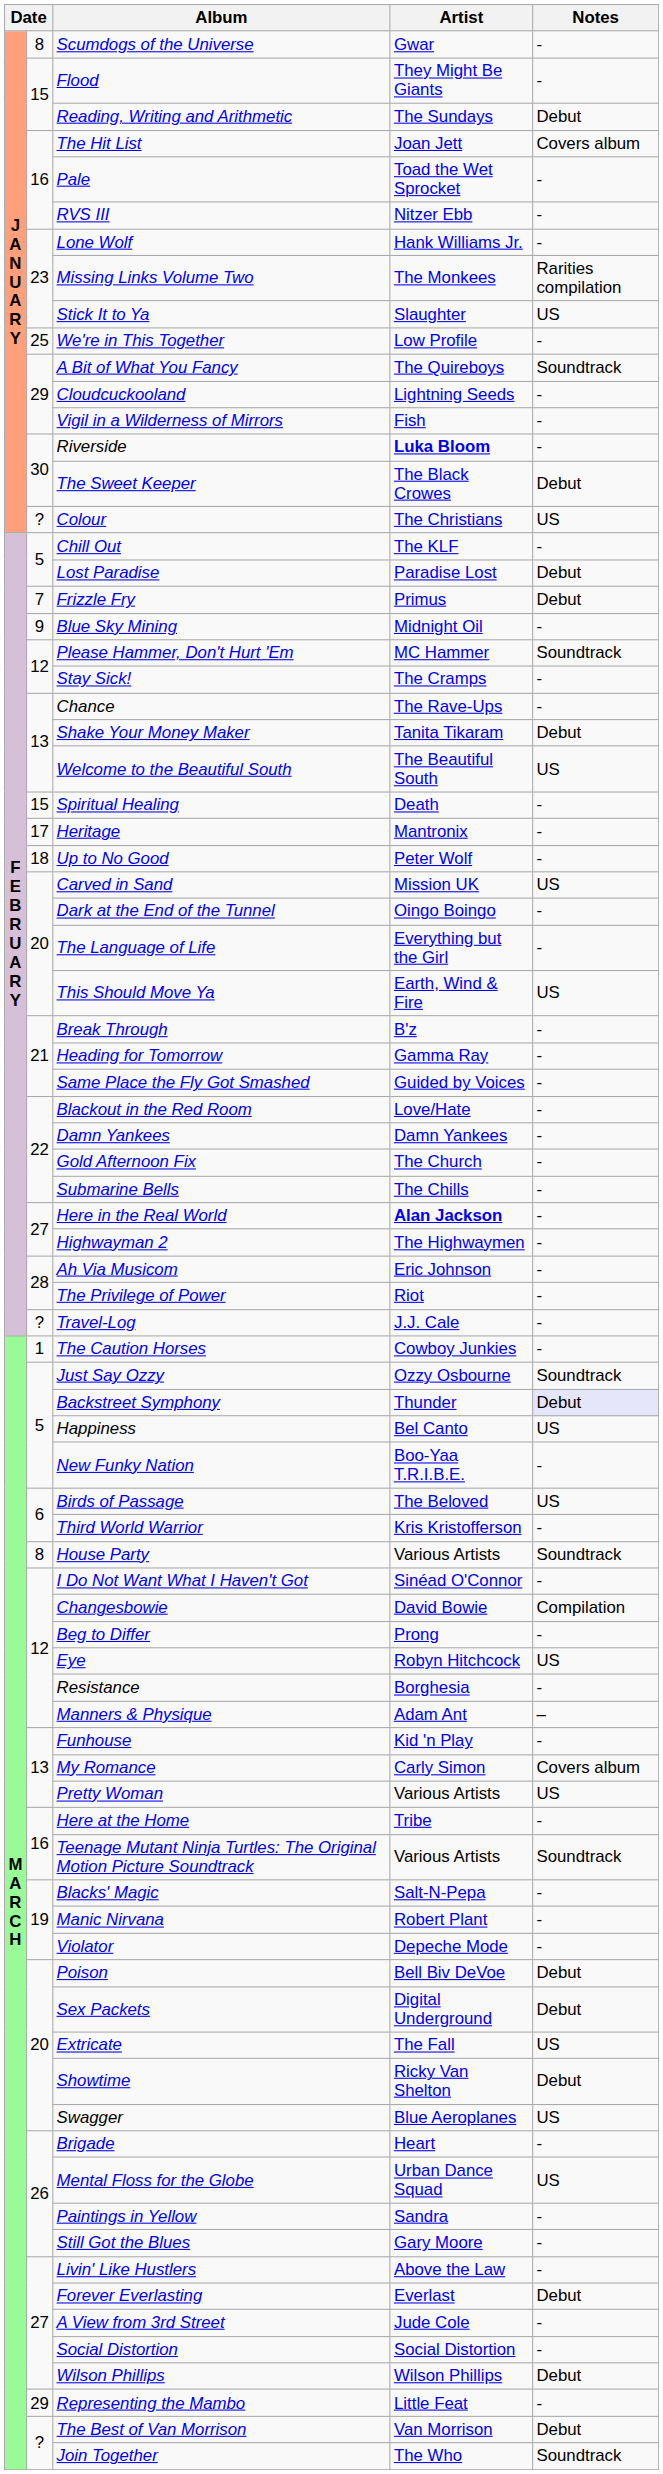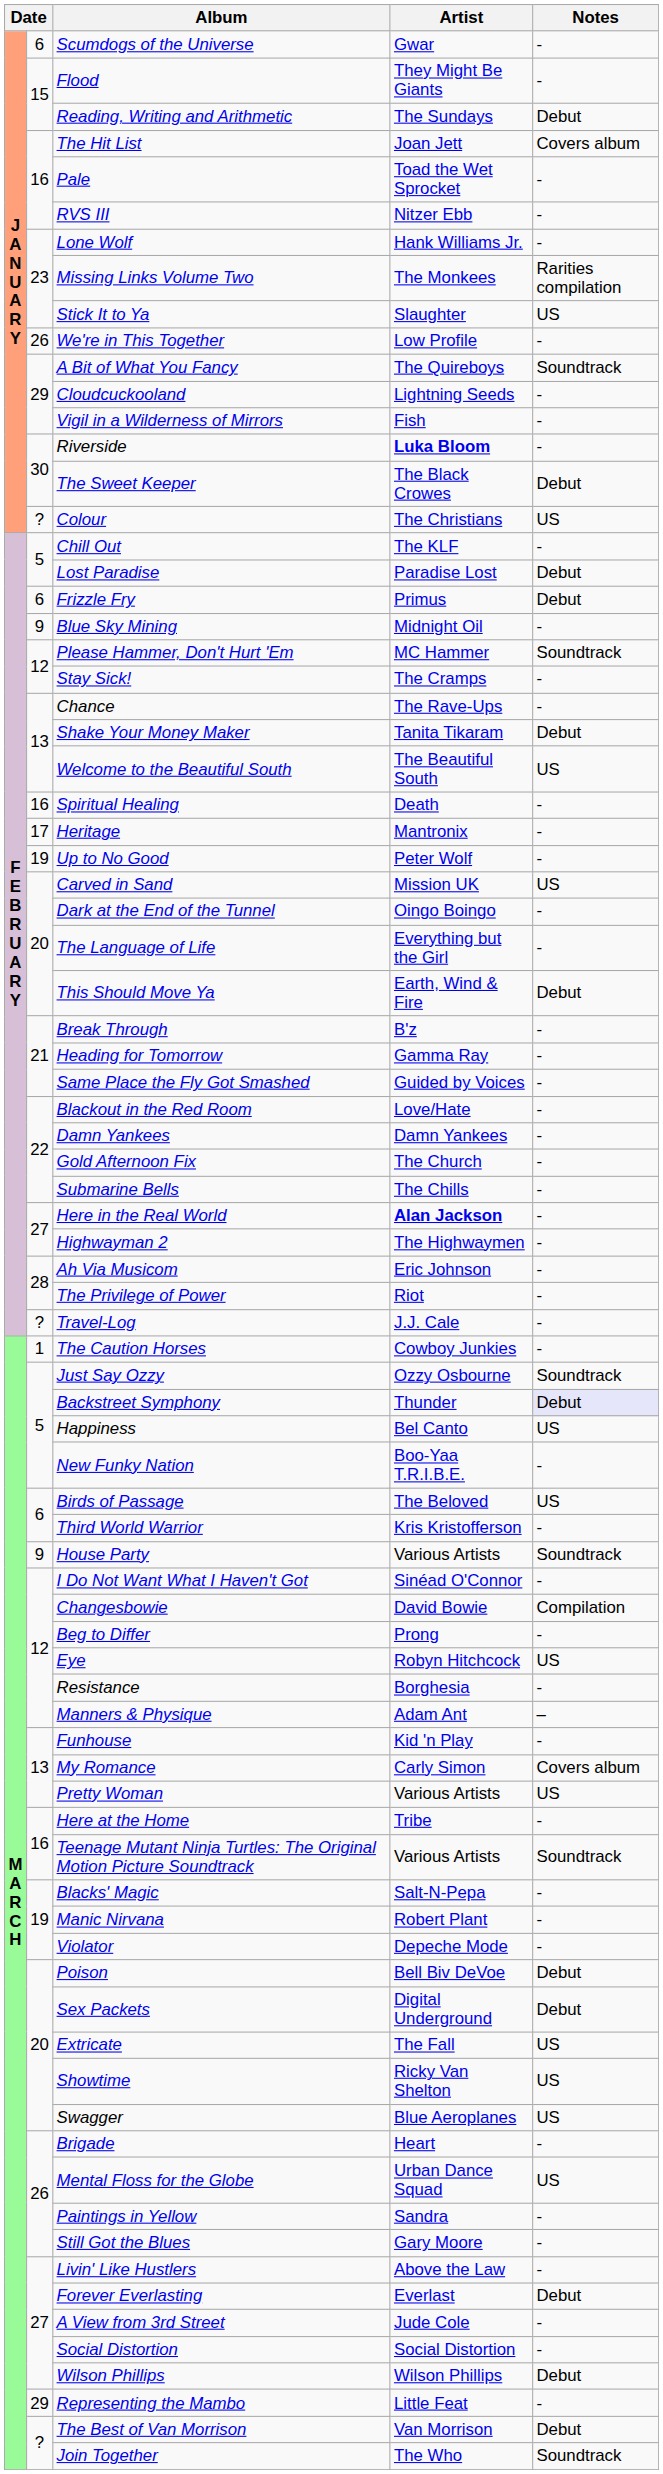 <table class="wikitable" width="100%">
 <tr>
 <th colspan="2">Date</th>
 <th>Album</th>
 <th>Artist</th>
 <th>Notes</th>
 </tr>
 <tr>
 <td rowspan="16" valign="center" align="center" style="background:#FFA07A; textcolor:#000;"><strong>J<br>A<br>N<br>U<br>A<br>R<br>Y</strong></td>
-<td align="center">8</td>
+<td align="center">6</td>
 <td><em><a href='#'>Scumdogs of the Universe</a></em></td>
 <td><a href='#'>Gwar</a></td>
 <td>-</td>
 </tr>
 <tr>
 <td rowspan="2" align="center">15</td>
 <td><em><a href='#'>Flood</a></em></td>
 <td><a href='#'>They Might Be Giants</a></td>
 <td>-</td>
 </tr>
 <tr>
 <td><em><a href='#'>Reading, Writing and Arithmetic</a></em></td>
 <td><a href='#'>The Sundays</a></td>
 <td>Debut</td>
 </tr>
 <tr>
 <td rowspan="3" align="center">16</td>
 <td><em><a href='#'>The Hit List</a></em></td>
 <td><a href='#'>Joan Jett</a></td>
 <td>Covers album</td>
 </tr>
 <tr>
 <td><em><a href='#'>Pale</a></em></td>
 <td><a href='#'>Toad the Wet Sprocket</a></td>
 <td>-</td>
 </tr>
 <tr>
 <td><em><a href='#'>RVS III</a></em></td>
 <td><a href='#'>Nitzer Ebb</a></td>
 <td>-</td>
 </tr>
 <tr>
 <td rowspan="3" align="center">23</td>
 <td><em><a href='#'>Lone Wolf</a></em></td>
 <td><a href='#'>Hank Williams Jr.</a></td>
 <td>-</td>
 </tr>
 <tr>
 <td><em><a href='#'>Missing Links Volume Two</a></em></td>
 <td><a href='#'>The Monkees</a></td>
 <td>Rarities compilation</td>
 </tr>
 <tr>
 <td><em><a href='#'>Stick It to Ya</a></em></td>
 <td><a href='#'>Slaughter</a></td>
 <td>US</td>
 </tr>
 <tr>
-<td rowspan="1" align="center">25</td>
+<td rowspan="1" align="center">26</td>
 <td><em><a href='#'>We're in This Together</a></em></td>
 <td><a href='#'>Low Profile</a></td>
 <td>-</td>
 </tr>
 <tr>
 <td rowspan="3" align="center">29</td>
 <td><em><a href='#'>A Bit of What You Fancy</a> </em></td>
 <td><a href='#'>The Quireboys</a></td>
 <td>Soundtrack</td>
 </tr>
 <tr>
 <td><em><a href='#'>Cloudcuckooland</a> </em></td>
 <td><a href='#'>Lightning Seeds</a></td>
 <td>-</td>
 </tr>
 <tr>
 <td><em><a href='#'>Vigil in a Wilderness of Mirrors</a></em></td>
 <td><a href='#'>Fish</a></td>
 <td>-</td>
 </tr>
 <tr>
 <td rowspan="2" align="center">30</td>
 <td><em>Riverside</em></td>
 <td><strong><a href='#'>Luka Bloom</a></strong></td>
 <td>-</td>
 </tr>
 <tr>
 <td><em><a href='#'>The Sweet Keeper</a></em></td>
 <td><a href='#'>The Black Crowes</a></td>
 <td>Debut</td>
 </tr>
 <tr>
 <td rowspan="1" align="center">?</td>
 <td><em><a href='#'>Colour</a></em></td>
 <td><a href='#'>The Christians</a></td>
 <td>US</td>
 </tr>
 <tr>
 <td rowspan="28" valign="center" align="center" style="background:#D8BFD8; textcolor:#000;"><strong>F<br>E<br>B<br>R<br>U<br>A<br>R<br>Y</strong></td>
 <td rowspan="2" align="center">5</td>
 <td><em><a href='#'>Chill Out</a></em></td>
 <td><a href='#'>The KLF</a></td>
 <td>-</td>
 </tr>
 <tr>
 <td><em><a href='#'>Lost Paradise</a></em></td>
 <td><a href='#'>Paradise Lost</a></td>
 <td>Debut</td>
 </tr>
 <tr>
-<td rowspan="1" align="center">7</td>
+<td rowspan="1" align="center">6</td>
 <td><em><a href='#'>Frizzle Fry</a></em></td>
 <td><a href='#'>Primus</a></td>
 <td>Debut</td>
 </tr>
 <tr>
 <td rowspan="1" align="center">9</td>
 <td><em><a href='#'>Blue Sky Mining</a></em></td>
 <td><a href='#'>Midnight Oil</a></td>
 <td>-</td>
 </tr>
 <tr>
 <td rowspan="2" align="center">12</td>
 <td><em><a href='#'>Please Hammer, Don't Hurt 'Em</a></em></td>
 <td><a href='#'>MC Hammer</a></td>
 <td>Soundtrack</td>
 </tr>
 <tr>
 <td><em><a href='#'>Stay Sick!</a></em></td>
 <td><a href='#'>The Cramps</a></td>
 <td>-</td>
 </tr>
 <tr>
 <td rowspan="3" align="center">13</td>
 <td><em>Chance</em></td>
 <td><a href='#'>The Rave-Ups</a></td>
 <td>-</td>
 </tr>
 <tr>
 <td><em><a href='#'>Shake Your Money Maker</a></em></td>
 <td><a href='#'>Tanita Tikaram</a></td>
 <td>Debut</td>
 </tr>
 <tr>
 <td><em><a href='#'>Welcome to the Beautiful South</a></em></td>
 <td><a href='#'>The Beautiful South</a></td>
 <td>US</td>
 </tr>
 <tr>
-<td align="center">15</td>
+<td align="center">16</td>
 <td><em><a href='#'>Spiritual Healing</a></em></td>
 <td><a href='#'>Death</a></td>
 <td>-</td>
 </tr>
 <tr>
 <td align="center">17</td>
 <td><em><a href='#'>Heritage</a></em></td>
 <td><a href='#'>Mantronix</a></td>
 <td>-</td>
 </tr>
 <tr>
-<td align="center">18</td>
+<td align="center">19</td>
 <td><em><a href='#'>Up to No Good</a></em></td>
 <td><a href='#'>Peter Wolf</a></td>
 <td>-</td>
 </tr>
 <tr>
 <td rowspan="4" align="center">20</td>
 <td><em><a href='#'>Carved in Sand</a></em></td>
 <td><a href='#'>Mission UK</a></td>
 <td>US</td>
 </tr>
 <tr>
 <td><em><a href='#'>Dark at the End of the Tunnel</a></em></td>
 <td><a href='#'>Oingo Boingo</a></td>
 <td>-</td>
 </tr>
 <tr>
 <td><em><a href='#'>The Language of Life</a></em></td>
 <td><a href='#'>Everything but the Girl</a></td>
 <td>-</td>
 </tr>
 <tr>
 <td><em><a href='#'>This Should Move Ya</a></em></td>
 <td><a href='#'>Earth, Wind & Fire</a></td>
-<td>US</td>
+<td>Debut</td>
 </tr>
 <tr>
 <td rowspan="3" style="text-align:center;">21</td>
 <td><em><a href='#'>Break Through</a></em></td>
 <td><a href='#'>B'z</a></td>
 <td>-</td>
 </tr>
 <tr>
 <td><em><a href='#'>Heading for Tomorrow</a></em></td>
 <td><a href='#'>Gamma Ray</a></td>
 <td>-</td>
 </tr>
 <tr>
 <td><em><a href='#'>Same Place the Fly Got Smashed</a></em></td>
 <td><a href='#'>Guided by Voices</a></td>
 <td>-</td>
 </tr>
 <tr>
 <td rowspan="4" align="center">22</td>
 <td><em><a href='#'>Blackout in the Red Room</a></em></td>
 <td><a href='#'>Love/Hate</a></td>
 <td>-</td>
 </tr>
 <tr>
 <td><em><a href='#'>Damn Yankees</a></em></td>
 <td><a href='#'>Damn Yankees</a></td>
 <td>-</td>
 </tr>
 <tr>
 <td><em><a href='#'>Gold Afternoon Fix</a></em></td>
 <td><a href='#'>The Church</a></td>
 <td>-</td>
 </tr>
 <tr>
 <td><em><a href='#'>Submarine Bells</a></em></td>
 <td><a href='#'>The Chills</a></td>
 <td>-</td>
 </tr>
 <tr>
 <td rowspan="2" align="center">27</td>
 <td><em><a href='#'>Here in the Real World</a></em></td>
 <td><strong><a href='#'>Alan Jackson</a></strong></td>
 <td>-</td>
 </tr>
 <tr>
 <td><em><a href='#'>Highwayman 2</a></em></td>
 <td><a href='#'>The Highwaymen</a></td>
 <td>-</td>
 </tr>
 <tr>
 <td rowspan="2" align="center">28</td>
 <td><em><a href='#'>Ah Via Musicom</a></em></td>
 <td><a href='#'>Eric Johnson</a></td>
 <td>-</td>
 </tr>
 <tr>
 <td><em><a href='#'>The Privilege of Power</a></em></td>
 <td><a href='#'>Riot</a></td>
 <td>-</td>
 </tr>
 <tr>
 <td align="center">?</td>
 <td><em><a href='#'>Travel-Log</a></em></td>
 <td><a href='#'>J.J. Cale</a></td>
 <td>-</td>
 </tr>
 <tr>
 <td rowspan="39" valign="center" align="center" style="background:#98FB98; textcolor:#000;"><strong>M<br>A<br>R<br>C<br>H</strong></td>
 <td rowspan="1" align="center">1</td>
 <td><em><a href='#'>The Caution Horses</a></em></td>
 <td><a href='#'>Cowboy Junkies</a></td>
 <td>-</td>
 </tr>
 <tr>
 <td rowspan="4" align="center">5</td>
 <td><em><a href='#'>Just Say Ozzy</a></em></td>
 <td><a href='#'>Ozzy Osbourne</a></td>
 <td>Soundtrack</td>
 </tr>
 <tr>
 <td><em><a href='#'>Backstreet Symphony</a></em></td>
 <td><a href='#'>Thunder</a></td>
 <td style="background: lavender;">Debut</td>
 </tr>
 <tr>
 <td><em>Happiness</em></td>
 <td><a href='#'>Bel Canto</a></td>
 <td>US</td>
 </tr>
 <tr>
 <td><em><a href='#'>New Funky Nation</a></em></td>
 <td><a href='#'>Boo-Yaa T.R.I.B.E.</a></td>
 <td>-</td>
 </tr>
 <tr>
 <td rowspan="2" align="center">6</td>
 <td><em><a href='#'>Birds of Passage</a></em></td>
 <td><a href='#'>The Beloved</a></td>
 <td>US</td>
 </tr>
 <tr>
 <td><em><a href='#'>Third World Warrior</a></em></td>
 <td><a href='#'>Kris Kristofferson</a></td>
 <td>-</td>
 </tr>
 <tr>
-<td align="center">8</td>
+<td align="center">9</td>
 <td><em><a href='#'>House Party</a></em></td>
 <td>Various Artists</td>
 <td>Soundtrack</td>
 </tr>
 <tr>
 <td rowspan="6" align="center">12</td>
 <td><em><a href='#'>I Do Not Want What I Haven't Got</a></em></td>
 <td><a href='#'>Sinéad O'Connor</a></td>
 <td>-</td>
 </tr>
 <tr>
 <td><em><a href='#'>Changesbowie</a></em></td>
 <td><a href='#'>David Bowie</a></td>
 <td>Compilation</td>
 </tr>
 <tr>
 <td><em><a href='#'>Beg to Differ</a></em></td>
 <td><a href='#'>Prong</a></td>
 <td>-</td>
 </tr>
 <tr>
 <td><em><a href='#'>Eye</a></em></td>
 <td><a href='#'>Robyn Hitchcock</a></td>
 <td>US</td>
 </tr>
 <tr>
 <td><em>Resistance</em></td>
 <td><a href='#'>Borghesia</a></td>
 <td>-</td>
 </tr>
 <tr>
 <td><em><a href='#'>Manners & Physique</a></em></td>
 <td><a href='#'>Adam Ant</a></td>
 <td>–</td>
 </tr>
 <tr>
 <td rowspan="3" align="center">13</td>
 <td><em><a href='#'>Funhouse</a></em></td>
 <td><a href='#'>Kid 'n Play</a></td>
 <td>-</td>
 </tr>
 <tr>
 <td><em><a href='#'>My Romance</a></em></td>
 <td><a href='#'>Carly Simon</a></td>
 <td>Covers album</td>
 </tr>
 <tr>
 <td><em><a href='#'>Pretty Woman</a></em></td>
 <td>Various Artists</td>
 <td>US</td>
 </tr>
 <tr>
 <td rowspan="2" align="center">16</td>
 <td><em><a href='#'>Here at the Home</a></em></td>
 <td><a href='#'>Tribe</a></td>
 <td>-</td>
 </tr>
 <tr>
 <td><em><a href='#'>Teenage Mutant Ninja Turtles: The Original Motion Picture Soundtrack</a></em></td>
 <td>Various Artists</td>
 <td>Soundtrack</td>
 </tr>
 <tr>
 <td rowspan="3" align="center">19</td>
 <td><em><a href='#'>Blacks' Magic</a></em></td>
 <td><a href='#'>Salt-N-Pepa</a></td>
 <td>-</td>
 </tr>
 <tr>
 <td><em><a href='#'>Manic Nirvana</a></em></td>
 <td><a href='#'>Robert Plant</a></td>
 <td>-</td>
 </tr>
 <tr>
 <td><em><a href='#'>Violator</a></em></td>
 <td><a href='#'>Depeche Mode</a></td>
 <td>-</td>
 </tr>
 <tr>
 <td rowspan="5" align="center">20</td>
 <td><em><a href='#'>Poison</a></em></td>
 <td><a href='#'>Bell Biv DeVoe</a></td>
 <td>Debut</td>
 </tr>
 <tr>
 <td><em><a href='#'>Sex Packets</a></em></td>
 <td><a href='#'>Digital Underground</a></td>
 <td>Debut</td>
 </tr>
 <tr>
 <td><em><a href='#'>Extricate</a></em></td>
 <td><a href='#'>The Fall</a></td>
 <td>US</td>
 </tr>
 <tr>
 <td><em><a href='#'>Showtime</a></em></td>
 <td><a href='#'>Ricky Van Shelton</a></td>
-<td>Debut</td>
+<td>US</td>
 </tr>
 <tr>
 <td><em>Swagger</em></td>
 <td><a href='#'>Blue Aeroplanes</a></td>
 <td>US</td>
 </tr>
 <tr>
 <td rowspan="4" align="center">26</td>
 <td><em><a href='#'>Brigade</a></em></td>
 <td><a href='#'>Heart</a></td>
 <td>-</td>
 </tr>
 <tr>
 <td><em><a href='#'>Mental Floss for the Globe</a></em></td>
 <td><a href='#'>Urban Dance Squad</a></td>
 <td>US</td>
 </tr>
 <tr>
 <td><em><a href='#'>Paintings in Yellow</a></em></td>
 <td><a href='#'>Sandra</a></td>
 <td>-</td>
 </tr>
 <tr>
 <td><em><a href='#'>Still Got the Blues</a></em></td>
 <td><a href='#'>Gary Moore</a></td>
 <td>-</td>
 </tr>
 <tr>
 <td rowspan="5" align="center">27</td>
 <td><em><a href='#'>Livin' Like Hustlers</a></em></td>
 <td><a href='#'>Above the Law</a></td>
 <td>-</td>
 </tr>
 <tr>
 <td><em><a href='#'>Forever Everlasting</a></em></td>
 <td><a href='#'>Everlast</a></td>
 <td>Debut</td>
 </tr>
 <tr>
 <td><em><a href='#'>A View from 3rd Street</a></em></td>
 <td><a href='#'>Jude Cole</a></td>
 <td>-</td>
 </tr>
 <tr>
 <td><em><a href='#'>Social Distortion</a></em></td>
 <td><a href='#'>Social Distortion</a></td>
 <td>-</td>
 </tr>
 <tr>
 <td><em><a href='#'>Wilson Phillips</a></em></td>
 <td><a href='#'>Wilson Phillips</a></td>
 <td>Debut</td>
 </tr>
 <tr>
 <td align="center">29</td>
 <td><em><a href='#'>Representing the Mambo</a></em></td>
 <td><a href='#'>Little Feat</a></td>
 <td>-</td>
 </tr>
 <tr>
 <td rowspan="2" align="center">?</td>
 <td><em><a href='#'>The Best of Van Morrison</a></em></td>
 <td><a href='#'>Van Morrison</a></td>
 <td>Debut</td>
 </tr>
 <tr>
 <td><em><a href='#'>Join Together</a></em></td>
 <td><a href='#'>The Who</a></td>
 <td>Soundtrack</td>
 </tr>
 <tr>
 </tr>
 </table>
